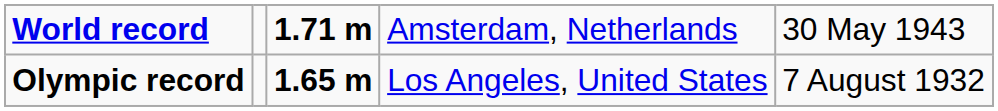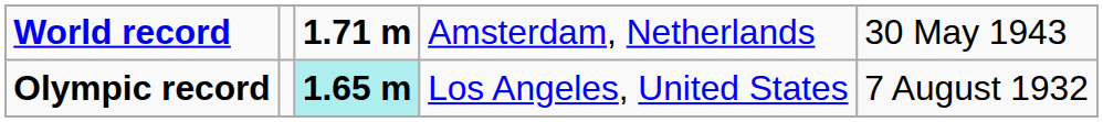 <table class="wikitable">
 <tr>
 <td><strong><a href='#'>World record</a></strong></td>
 <td></td>
 <td><strong>1.71 m</strong></td>
 <td><a href='#'>Amsterdam</a>, <a href='#'>Netherlands</a></td>
 <td>30 May 1943</td>
 </tr>
 <tr>
 <td><strong>Olympic record</strong></td>
 <td><br></td>
-<td><strong>1.65 m</strong></td>
+<td style="background: paleturquoise;"><strong>1.65 m</strong></td>
 <td><a href='#'>Los Angeles</a>, <a href='#'>United States</a></td>
 <td>7 August 1932</td>
 </tr>
 </table>
